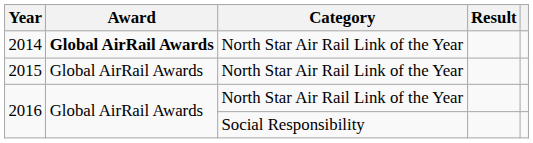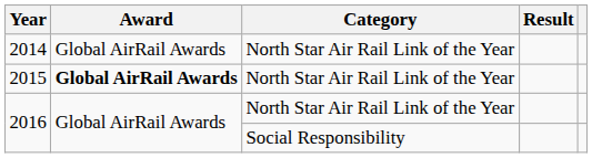 <table class=wikitable>
 <tr>
 <th>Year</th>
 <th>Award</th>
 <th>Category</th>
 <th>Result</th>
 <th></th>
 </tr>
 <tr>
 <td>2014</td>
-<td><strong>Global AirRail Awards</strong></td>
+<td>Global AirRail Awards</td>
 <td>North Star Air Rail Link of the Year</td>
 <td></td>
 <td></td>
 </tr>
 <tr>
 <td>2015</td>
-<td>Global AirRail Awards</td>
+<td><strong>Global AirRail Awards</strong></td>
 <td>North Star Air Rail Link of the Year</td>
 <td></td>
 <td></td>
 </tr>
 <tr>
 <td rowspan="2">2016</td>
 <td rowspan="2">Global AirRail Awards</td>
 <td>North Star Air Rail Link of the Year</td>
 <td></td>
 <td></td>
 </tr>
 <tr>
 <td>Social Responsibility</td>
 <td></td>
 <td></td>
 </tr>
 </table>
